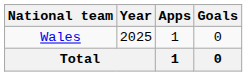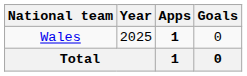 <table class="wikitable" style="text-align:center">
 <tr>
 <th>National team</th>
 <th>Year</th>
 <th>Apps</th>
 <th>Goals</th>
 </tr>
 <tr>
 <td rowspan="1"><a href='#'>Wales</a></td>
 <td>2025</td>
-<td>1</td>
+<td><strong>1</strong></td>
 <td>0</td>
 </tr>
 <tr>
 <th colspan="2">Total</th>
 <th>1</th>
 <th>0</th>
 </tr>
 </table>
